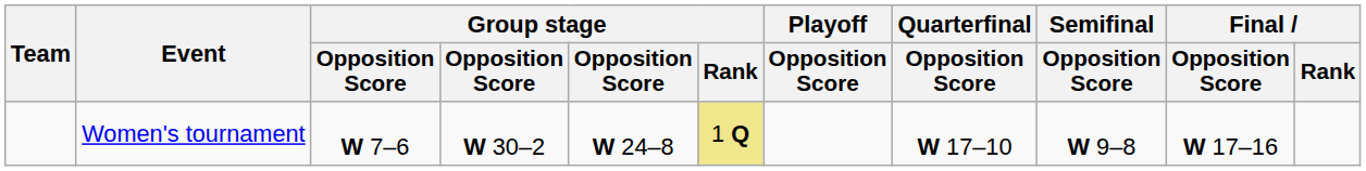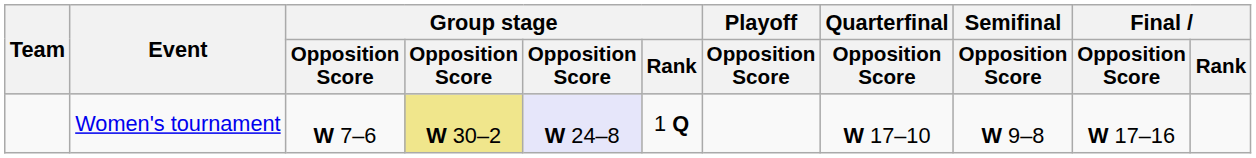 <table class="wikitable" style="text-align:center; font-size:90%;">
 <tr>
 <th rowspan=2>Team</th>
 <th rowspan=2>Event</th>
 <th colspan=4>Group stage</th>
 <th>Playoff</th>
 <th>Quarterfinal</th>
 <th>Semifinal</th>
 <th colspan=2>Final / </th>
 </tr>
 <tr style=font-size:95%>
 <th>Opposition<br>Score</th>
 <th>Opposition<br>Score</th>
 <th>Opposition<br>Score</th>
 <th>Rank</th>
 <th>Opposition<br>Score</th>
 <th>Opposition<br>Score</th>
 <th>Opposition<br>Score</th>
 <th>Opposition<br>Score</th>
 <th>Rank</th>
 </tr>
 <tr>
 <td align=left><strong></strong></td>
 <td align=left><a href='#'>Women's tournament</a></td>
 <td><br> <strong>W</strong> 7–6</td>
-<td><br> <strong>W</strong> 30–2</td>
-<td><br> <strong>W</strong> 24–8</td>
-<td style="background: khaki;">1 <strong>Q</strong></td>
+<td style="background: khaki;"><br> <strong>W</strong> 30–2</td>
+<td style="background: lavender;"><br> <strong>W</strong> 24–8</td>
+<td>1 <strong>Q</strong></td>
 <td></td>
 <td><br> <strong>W</strong> 17–10</td>
 <td><br> <strong>W</strong> 9–8</td>
 <td><br> <strong>W</strong> 17–16</td>
 <td></td>
 </tr>
 </table>
